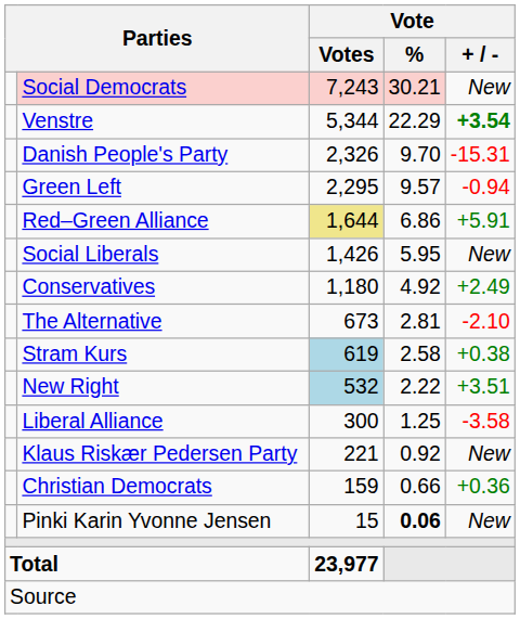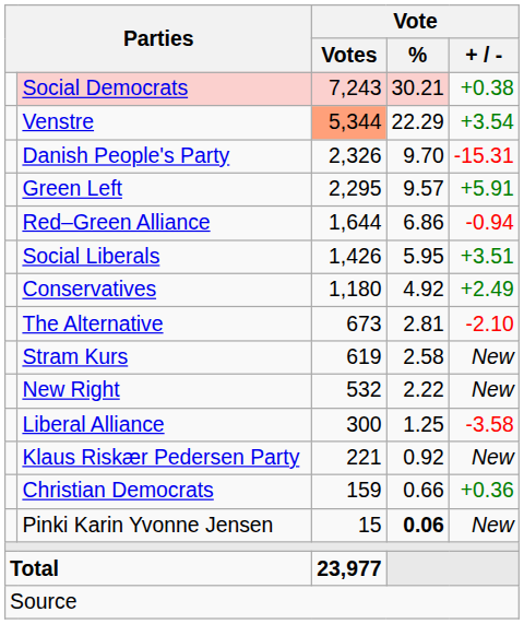 <table class="wikitable" style="text-align:right;">
 <tr>
 <th style="text-align:centre;" rowspan="2" colspan="2" width="225">Parties</th>
 <th colspan="3">Vote</th>
 </tr>
 <tr>
 <th width="15">Votes</th>
 <th width="15">%</th>
 <th width="15">+ / -</th>
 </tr>
 <tr>
 <td width="2" style="color:inherit;background:"></td>
 <td bgcolor=#fbd0ce  align="left"><a href='#'>Social Democrats</a></td>
 <td bgcolor=#fbd0ce>7,243</td>
 <td bgcolor=#fbd0ce>30.21</td>
-<td><em>New</em></td>
+<td style=color:green;>+0.38</td>
 </tr>
 <tr>
 <td width="2" style="color:inherit;background:"></td>
 <td align="left"><a href='#'>Venstre</a></td>
-<td>5,344</td>
+<td style="background: lightsalmon;">5,344</td>
 <td>22.29</td>
-<td style=color:green;><strong>+3.54</strong></td>
+<td style=color:green;>+3.54</td>
 </tr>
 <tr>
 <td width="2" style="color:inherit;background:"></td>
 <td align="left"><a href='#'>Danish People's Party</a></td>
 <td>2,326</td>
 <td>9.70</td>
 <td style=color:red;>-15.31</td>
 </tr>
 <tr>
 <td width="2" style="color:inherit;background:"></td>
 <td align="left"><a href='#'>Green Left</a></td>
 <td>2,295</td>
 <td>9.57</td>
-<td style=color:red;>-0.94</td>
+<td style=color:green;>+5.91</td>
 </tr>
 <tr>
 <td width="2" style="color:inherit;background:"></td>
 <td align="left"><a href='#'>Red–Green Alliance</a></td>
-<td style="background: khaki;">1,644</td>
+<td>1,644</td>
 <td>6.86</td>
-<td style=color:green;>+5.91</td>
+<td style=color:red;>-0.94</td>
 </tr>
 <tr>
 <td width="2" style="color:inherit;background:"></td>
 <td align="left"><a href='#'>Social Liberals</a></td>
 <td>1,426</td>
 <td>5.95</td>
-<td><em>New</em></td>
+<td style=color:green;>+3.51</td>
 </tr>
 <tr>
 <td width="2" style="color:inherit;background:"></td>
 <td align="left"><a href='#'>Conservatives</a></td>
 <td>1,180</td>
 <td>4.92</td>
 <td style=color:green;>+2.49</td>
 </tr>
 <tr>
 <td width="2" style="color:inherit;background:"></td>
 <td align="left"><a href='#'>The Alternative</a></td>
 <td>673</td>
 <td>2.81</td>
 <td style=color:red;>-2.10</td>
 </tr>
 <tr>
 <td width="2" style="color:inherit;background:"></td>
 <td align="left"><a href='#'>Stram Kurs</a></td>
-<td style="background: lightblue;">619</td>
+<td>619</td>
 <td>2.58</td>
-<td style=color:green;>+0.38</td>
+<td><em>New</em></td>
 </tr>
 <tr>
 <td width="2" style="color:inherit;background:"></td>
 <td align="left"><a href='#'>New Right</a></td>
-<td style="background: lightblue;">532</td>
+<td>532</td>
 <td>2.22</td>
-<td style=color:green;>+3.51</td>
+<td><em>New</em></td>
 </tr>
 <tr>
 <td width="2" style="color:inherit;background:"></td>
 <td align="left"><a href='#'>Liberal Alliance</a></td>
 <td>300</td>
 <td>1.25</td>
 <td style=color:red;>-3.58</td>
 </tr>
 <tr>
 <td width="2" style="color:inherit;background:"></td>
 <td align="left"><a href='#'>Klaus Riskær Pedersen Party</a></td>
 <td>221</td>
 <td>0.92</td>
 <td><em>New</em></td>
 </tr>
 <tr>
 <td width="2" style="color:inherit;background:"></td>
 <td align="left"><a href='#'>Christian Democrats</a></td>
 <td>159</td>
 <td>0.66</td>
 <td style=color:green;>+0.36</td>
 </tr>
 <tr>
 <td width="2" style="color:inherit;background:"></td>
 <td align="left">Pinki Karin Yvonne Jensen</td>
 <td>15</td>
 <td><strong>0.06</strong></td>
 <td><em>New</em></td>
 </tr>
 <tr>
 <td colspan="7" bgcolor="#E9E9E9"></td>
 </tr>
 <tr>
 <td align="left" colspan="2"><strong>Total</strong></td>
 <td><strong>23,977</strong></td>
 <td bgcolor="#E9E9E9" colspan="2"></td>
 </tr>
 <tr>
 <td align="left" colspan="6">Source</td>
 </tr>
 </table>
